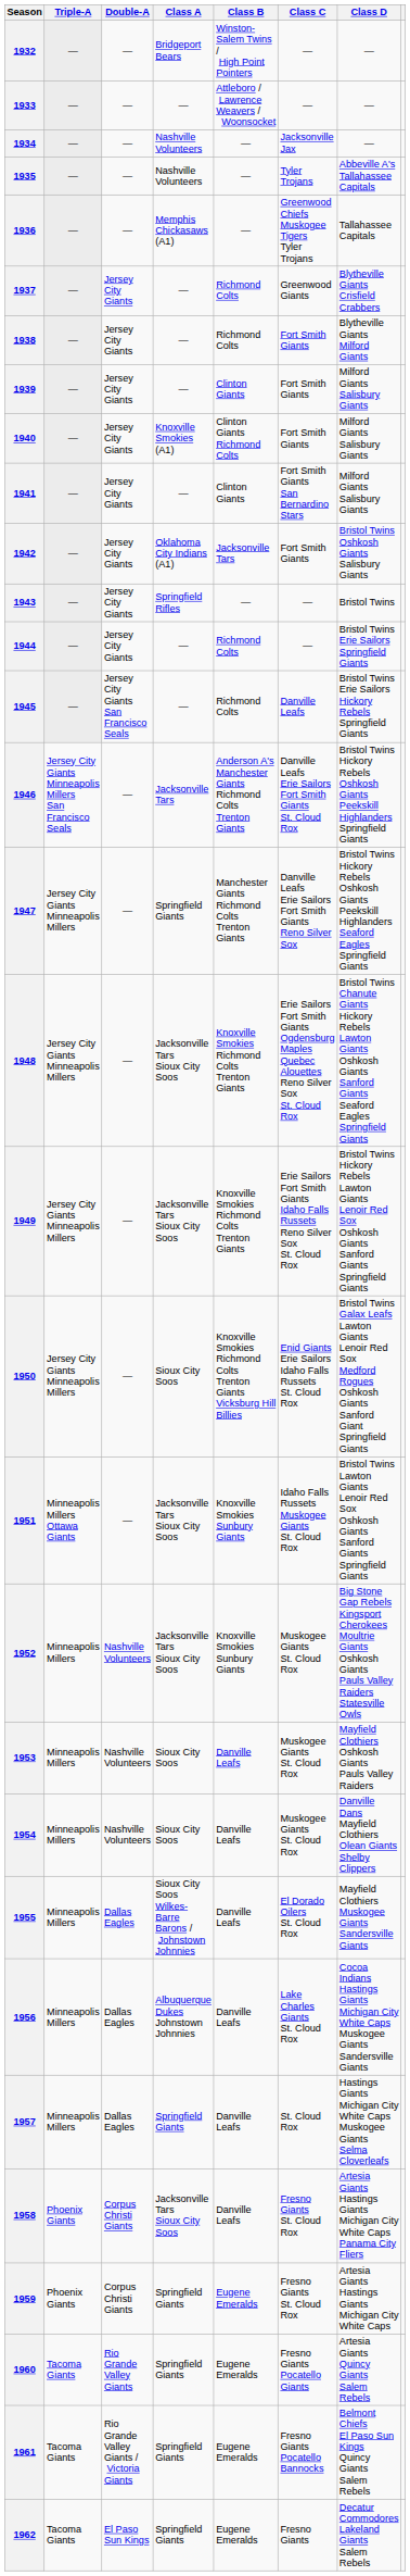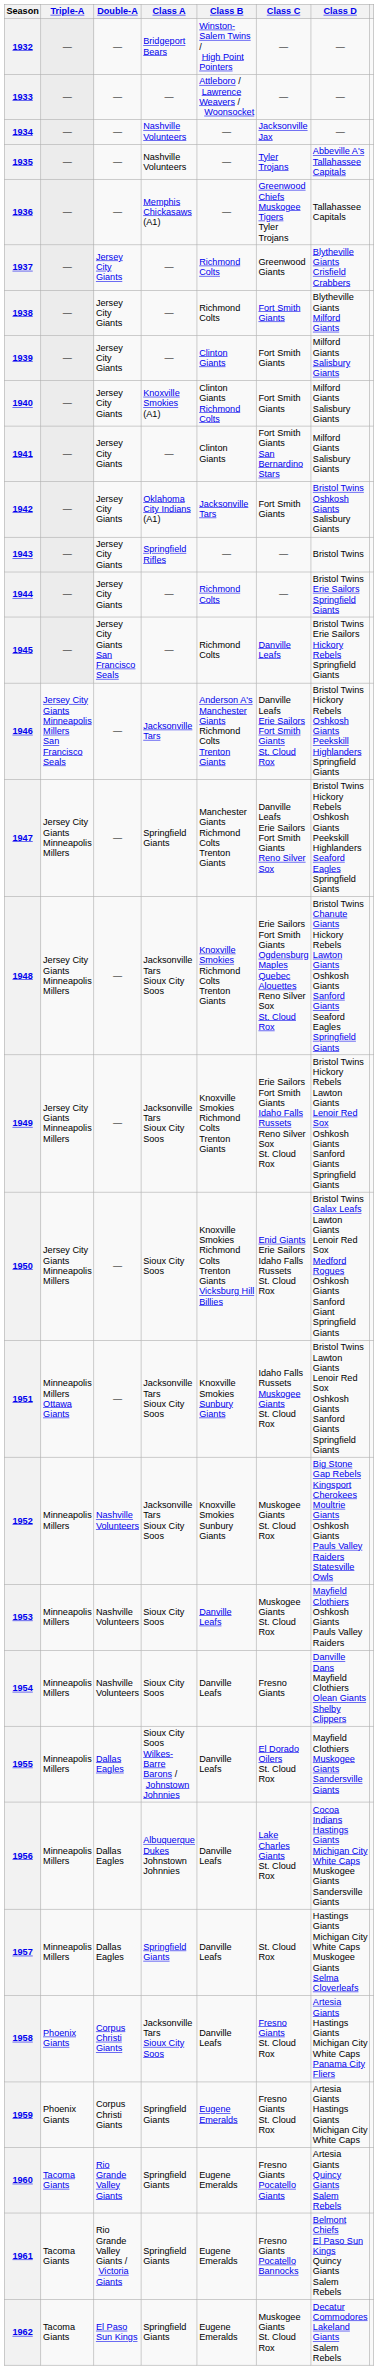 <table class="wikitable plainrowheaders">
 <tr>
 <th scope="col">Season</th>
 <th scope="col"><a href='#'><span>Triple-A</span></a></th>
 <th scope="col"><a href='#'><span>Double-A</span></a></th>
 <th scope="col"><a href='#'><span>Class A</span></a></th>
 <th scope="col"><a href='#'><span>Class B</span></a></th>
 <th scope="col"><a href='#'><span>Class C</span></a></th>
 <th scope="col"><a href='#'><span>Class D</span></a></th>
 <th scope="col"></th>
 </tr>
 <tr>
 <th scope="row" style="text-align:center"><a href='#'>1932</a></th>
 <td style="background:#ececec" align="center">—</td>
 <td align="center">—</td>
 <td><a href='#'>Bridgeport Bears</a></td>
 <td><a href='#'>Winston-Salem Twins</a> /<br> <a href='#'>High Point Pointers</a></td>
 <td align="center">—</td>
 <td align="center">—</td>
 <td align="center"></td>
 </tr>
 <tr>
 <th scope="row" style="text-align:center"><a href='#'>1933</a></th>
 <td style="background:#ececec" align="center">—</td>
 <td align="center">—</td>
 <td align="center">—</td>
 <td><a href='#'>Attleboro</a> /<br> <a href='#'>Lawrence Weavers</a> /<br>  <a href='#'>Woonsocket</a></td>
 <td align="center">—</td>
 <td align="center">—</td>
 <td align="center"></td>
 </tr>
 <tr>
 <th scope="row" style="text-align:center"><a href='#'>1934</a></th>
 <td style="background:#ececec" align="center">—</td>
 <td align="center">—</td>
 <td><a href='#'>Nashville Volunteers</a></td>
 <td align="center">—</td>
 <td><a href='#'>Jacksonville Jax</a></td>
 <td align="center">—</td>
 <td align="center"></td>
 </tr>
 <tr>
 <th scope="row" style="text-align:center"><a href='#'>1935</a></th>
 <td style="background:#ececec" align="center">—</td>
 <td align="center">—</td>
 <td>Nashville Volunteers</td>
 <td align="center">—</td>
 <td><a href='#'>Tyler Trojans</a></td>
 <td><a href='#'>Abbeville A's</a><br><a href='#'>Tallahassee Capitals</a></td>
 <td align="center"></td>
 </tr>
 <tr>
 <th scope="row" style="text-align:center"><a href='#'>1936</a></th>
 <td style="background:#ececec" align="center">—</td>
 <td align="center">—</td>
 <td><a href='#'>Memphis Chickasaws</a> (A1)</td>
 <td align="center">—</td>
 <td><a href='#'>Greenwood Chiefs</a><br><a href='#'>Muskogee Tigers</a><br>Tyler Trojans</td>
 <td>Tallahassee Capitals</td>
 <td align="center"></td>
 </tr>
 <tr>
 <th scope="row" style="text-align:center"><a href='#'>1937</a></th>
 <td style="background:#ececec" align="center">—</td>
 <td><a href='#'>Jersey City Giants</a></td>
 <td align="center">—</td>
 <td><a href='#'>Richmond Colts</a></td>
 <td>Greenwood Giants</td>
 <td><a href='#'>Blytheville Giants</a><br><a href='#'>Crisfield Crabbers</a></td>
 <td align="center"></td>
 </tr>
 <tr>
 <th scope="row" style="text-align:center"><a href='#'>1938</a></th>
 <td style="background:#ececec" align="center">—</td>
 <td>Jersey City Giants</td>
 <td align="center">—</td>
 <td>Richmond Colts</td>
 <td><a href='#'>Fort Smith Giants</a></td>
 <td>Blytheville Giants<br><a href='#'>Milford Giants</a></td>
 <td align="center"></td>
 </tr>
 <tr>
 <th scope="row" style="text-align:center"><a href='#'>1939</a></th>
 <td style="background:#ececec" align="center">—</td>
 <td>Jersey City Giants</td>
 <td align="center">—</td>
 <td><a href='#'>Clinton Giants</a></td>
 <td>Fort Smith Giants</td>
 <td>Milford Giants<br><a href='#'>Salisbury Giants</a></td>
 <td align="center"></td>
 </tr>
 <tr>
 <th scope="row" style="text-align:center"><a href='#'>1940</a></th>
 <td style="background:#ececec" align="center">—</td>
 <td>Jersey City Giants</td>
 <td><a href='#'>Knoxville Smokies</a> (A1)</td>
 <td>Clinton Giants<br><a href='#'>Richmond Colts</a></td>
 <td>Fort Smith Giants</td>
 <td>Milford Giants<br>Salisbury Giants</td>
 <td align="center"></td>
 </tr>
 <tr>
 <th scope="row" style="text-align:center"><a href='#'>1941</a></th>
 <td style="background:#ececec" align="center">—</td>
 <td>Jersey City Giants</td>
 <td align="center">—</td>
 <td>Clinton Giants</td>
 <td>Fort Smith Giants<br><a href='#'>San Bernardino Stars</a></td>
 <td>Milford Giants<br>Salisbury Giants</td>
 <td align="center"></td>
 </tr>
 <tr>
 <th scope="row" style="text-align:center"><a href='#'>1942</a></th>
 <td style="background:#ececec" align="center">—</td>
 <td>Jersey City Giants</td>
 <td><a href='#'>Oklahoma City Indians</a> (A1)</td>
 <td><a href='#'>Jacksonville Tars</a></td>
 <td>Fort Smith Giants</td>
 <td><a href='#'>Bristol Twins</a><br><a href='#'>Oshkosh Giants</a><br>Salisbury Giants</td>
 <td align="center"></td>
 </tr>
 <tr>
 <th scope="row" style="text-align:center"><a href='#'>1943</a></th>
 <td style="background:#ececec" align="center">—</td>
 <td>Jersey City Giants</td>
 <td><a href='#'>Springfield Rifles</a></td>
 <td align="center">—</td>
 <td align="center">—</td>
 <td>Bristol Twins</td>
 <td align="center"></td>
 </tr>
 <tr>
 <th scope="row" style="text-align:center"><a href='#'>1944</a></th>
 <td style="background:#ececec" align="center">—</td>
 <td>Jersey City Giants</td>
 <td align="center">—</td>
 <td><a href='#'>Richmond Colts</a></td>
 <td align="center">—</td>
 <td>Bristol Twins<br><a href='#'>Erie Sailors</a><br><a href='#'>Springfield Giants</a></td>
 <td align="center"></td>
 </tr>
 <tr>
 <th scope="row" style="text-align:center"><a href='#'>1945</a></th>
 <td style="background:#ececec" align="center">—</td>
 <td>Jersey City Giants<br><a href='#'>San Francisco Seals</a></td>
 <td align="center">—</td>
 <td>Richmond Colts</td>
 <td><a href='#'>Danville Leafs</a></td>
 <td>Bristol Twins<br>Erie Sailors<br><a href='#'>Hickory Rebels</a><br>Springfield Giants</td>
 <td align="center"></td>
 </tr>
 <tr>
 <th scope="row" style="text-align:center"><a href='#'>1946</a></th>
 <td><a href='#'>Jersey City Giants</a><br><a href='#'>Minneapolis Millers</a><br><a href='#'>San Francisco Seals</a></td>
 <td align="center">—</td>
 <td><a href='#'>Jacksonville Tars</a></td>
 <td><a href='#'>Anderson A's</a><br><a href='#'>Manchester Giants</a><br>Richmond Colts<br><a href='#'>Trenton Giants</a></td>
 <td>Danville Leafs<br><a href='#'>Erie Sailors</a><br><a href='#'>Fort Smith Giants</a><br><a href='#'>St. Cloud Rox</a></td>
 <td>Bristol Twins<br>Hickory Rebels<br><a href='#'>Oshkosh Giants</a><br><a href='#'>Peekskill Highlanders</a><br>Springfield Giants</td>
 <td align="center"></td>
 </tr>
 <tr>
 <th scope="row" style="text-align:center"><a href='#'>1947</a></th>
 <td>Jersey City Giants<br>Minneapolis Millers</td>
 <td align="center">—</td>
 <td>Springfield Giants</td>
 <td>Manchester Giants<br>Richmond Colts<br>Trenton Giants</td>
 <td>Danville Leafs<br>Erie Sailors<br>Fort Smith Giants<br><a href='#'>Reno Silver Sox</a></td>
 <td>Bristol Twins<br>Hickory Rebels<br>Oshkosh Giants<br>Peekskill Highlanders<br><a href='#'>Seaford Eagles</a><br>Springfield Giants</td>
 <td align="center"></td>
 </tr>
 <tr>
 <th scope="row" style="text-align:center"><a href='#'>1948</a></th>
 <td>Jersey City Giants<br>Minneapolis Millers</td>
 <td align="center">—</td>
 <td>Jacksonville Tars<br>Sioux City Soos</td>
 <td><a href='#'>Knoxville Smokies</a><br>Richmond Colts<br>Trenton Giants</td>
 <td>Erie Sailors<br>Fort Smith Giants<br><a href='#'>Ogdensburg Maples</a><br><a href='#'>Quebec Alouettes</a><br>Reno Silver Sox<br><a href='#'>St. Cloud Rox</a></td>
 <td>Bristol Twins<br><a href='#'>Chanute Giants</a><br>Hickory Rebels<br><a href='#'>Lawton Giants</a><br>Oshkosh Giants<br><a href='#'>Sanford Giants</a><br>Seaford Eagles<br><a href='#'>Springfield Giants</a></td>
 <td align="center"></td>
 </tr>
 <tr>
 <th scope="row" style="text-align:center"><a href='#'>1949</a></th>
 <td>Jersey City Giants<br>Minneapolis Millers</td>
 <td align="center">—</td>
 <td>Jacksonville Tars<br>Sioux City Soos</td>
 <td>Knoxville Smokies<br>Richmond Colts<br>Trenton Giants</td>
 <td>Erie Sailors<br>Fort Smith Giants<br><a href='#'>Idaho Falls Russets</a><br>Reno Silver Sox<br>St. Cloud Rox</td>
 <td>Bristol Twins<br>Hickory Rebels<br>Lawton Giants<br><a href='#'>Lenoir Red Sox</a><br>Oshkosh Giants<br>Sanford Giants<br>Springfield Giants</td>
 <td align="center"></td>
 </tr>
 <tr>
 <th scope="row" style="text-align:center"><a href='#'>1950</a></th>
 <td>Jersey City Giants<br>Minneapolis Millers</td>
 <td align="center">—</td>
 <td>Sioux City Soos</td>
 <td>Knoxville Smokies<br>Richmond Colts<br>Trenton Giants<br><a href='#'>Vicksburg Hill Billies</a></td>
 <td><a href='#'>Enid Giants</a><br>Erie Sailors<br>Idaho Falls Russets<br>St. Cloud Rox</td>
 <td>Bristol Twins<br><a href='#'>Galax Leafs</a><br>Lawton Giants<br>Lenoir Red Sox<br><a href='#'>Medford Rogues</a><br>Oshkosh Giants<br>Sanford Giant<br>Springfield Giants</td>
 <td align="center"></td>
 </tr>
 <tr>
 <th scope="row" style="text-align:center"><a href='#'>1951</a></th>
 <td>Minneapolis Millers<br><a href='#'>Ottawa Giants</a></td>
 <td align="center">—</td>
 <td>Jacksonville Tars<br>Sioux City Soos</td>
 <td>Knoxville Smokies<br><a href='#'>Sunbury Giants</a></td>
 <td>Idaho Falls Russets<br><a href='#'>Muskogee Giants</a><br>St. Cloud Rox</td>
 <td>Bristol Twins<br>Lawton Giants<br>Lenoir Red Sox<br>Oshkosh Giants<br>Sanford Giants<br>Springfield Giants</td>
 <td align="center"></td>
 </tr>
 <tr>
 <th scope="row" style="text-align:center"><a href='#'>1952</a></th>
 <td>Minneapolis Millers</td>
 <td><a href='#'>Nashville Volunteers</a></td>
 <td>Jacksonville Tars<br>Sioux City Soos</td>
 <td>Knoxville Smokies<br>Sunbury Giants</td>
 <td>Muskogee Giants<br>St. Cloud Rox</td>
 <td><a href='#'>Big Stone Gap Rebels</a><br><a href='#'>Kingsport Cherokees</a><br><a href='#'>Moultrie Giants</a><br>Oshkosh Giants<br><a href='#'>Pauls Valley Raiders</a><br><a href='#'>Statesville Owls</a></td>
 <td align="center"></td>
 </tr>
 <tr>
 <th scope="row" style="text-align:center"><a href='#'>1953</a></th>
 <td>Minneapolis Millers</td>
 <td>Nashville Volunteers</td>
 <td>Sioux City Soos</td>
 <td><a href='#'>Danville Leafs</a></td>
 <td>Muskogee Giants<br>St. Cloud Rox</td>
 <td><a href='#'>Mayfield Clothiers</a><br>Oshkosh Giants<br>Pauls Valley Raiders</td>
 <td align="center"></td>
 </tr>
 <tr>
 <th scope="row" style="text-align:center"><a href='#'>1954</a></th>
 <td>Minneapolis Millers</td>
 <td>Nashville Volunteers</td>
 <td>Sioux City Soos</td>
 <td>Danville Leafs</td>
-<td>Muskogee Giants<br>St. Cloud Rox</td>
+<td>Fresno Giants</td>
 <td><a href='#'>Danville Dans</a><br>Mayfield Clothiers<br><a href='#'>Olean Giants</a><br><a href='#'>Shelby Clippers</a></td>
 <td align="center"></td>
 </tr>
 <tr>
 <th scope="row" style="text-align:center"><a href='#'>1955</a></th>
 <td>Minneapolis Millers</td>
 <td><a href='#'>Dallas Eagles</a></td>
 <td>Sioux City Soos<br><a href='#'>Wilkes-Barre Barons</a> /<br> <a href='#'>Johnstown Johnnies</a></td>
 <td>Danville Leafs</td>
 <td><a href='#'>El Dorado Oilers</a><br>St. Cloud Rox</td>
 <td>Mayfield Clothiers<br><a href='#'>Muskogee Giants</a><br><a href='#'>Sandersville Giants</a></td>
 <td align="center"></td>
 </tr>
 <tr>
 <th scope="row" style="text-align:center"><a href='#'>1956</a></th>
 <td>Minneapolis Millers</td>
 <td>Dallas Eagles</td>
 <td><a href='#'>Albuquerque Dukes</a><br>Johnstown Johnnies</td>
 <td>Danville Leafs</td>
 <td><a href='#'>Lake Charles Giants</a><br>St. Cloud Rox</td>
 <td><a href='#'>Cocoa Indians</a><br><a href='#'>Hastings Giants</a><br><a href='#'>Michigan City White Caps</a><br>Muskogee Giants<br>Sandersville Giants</td>
 <td align="center"></td>
 </tr>
 <tr>
 <th scope="row" style="text-align:center"><a href='#'>1957</a></th>
 <td>Minneapolis Millers</td>
 <td>Dallas Eagles</td>
 <td><a href='#'>Springfield Giants</a></td>
 <td>Danville Leafs</td>
 <td>St. Cloud Rox</td>
 <td>Hastings Giants<br>Michigan City White Caps<br>Muskogee Giants<br><a href='#'>Selma Cloverleafs</a></td>
 <td align="center"></td>
 </tr>
 <tr>
 <th scope="row" style="text-align:center"><a href='#'>1958</a></th>
 <td><a href='#'>Phoenix Giants</a></td>
 <td><a href='#'>Corpus Christi Giants</a></td>
 <td>Jacksonville Tars<br><a href='#'>Sioux City Soos</a></td>
 <td>Danville Leafs</td>
 <td><a href='#'>Fresno Giants</a><br>St. Cloud Rox</td>
 <td><a href='#'>Artesia Giants</a><br>Hastings Giants<br>Michigan City White Caps<br><a href='#'>Panama City Fliers</a></td>
 <td align="center"></td>
 </tr>
 <tr>
 <th scope="row" style="text-align:center"><a href='#'>1959</a></th>
 <td>Phoenix Giants</td>
 <td>Corpus Christi Giants</td>
 <td>Springfield Giants</td>
 <td><a href='#'>Eugene Emeralds</a></td>
 <td>Fresno Giants<br>St. Cloud Rox</td>
 <td>Artesia Giants<br>Hastings Giants<br>Michigan City White Caps</td>
 <td align="center"></td>
 </tr>
 <tr>
 <th scope="row" style="text-align:center"><a href='#'>1960</a></th>
 <td><a href='#'>Tacoma Giants</a></td>
 <td><a href='#'>Rio Grande Valley Giants</a></td>
 <td>Springfield Giants</td>
 <td>Eugene Emeralds</td>
 <td>Fresno Giants<br><a href='#'>Pocatello Giants</a></td>
 <td>Artesia Giants<br><a href='#'>Quincy Giants</a><br><a href='#'>Salem Rebels</a></td>
 <td align="center"></td>
 </tr>
 <tr>
 <th scope="row" style="text-align:center"><a href='#'>1961</a></th>
 <td>Tacoma Giants</td>
 <td>Rio Grande Valley Giants /<br> <a href='#'>Victoria Giants</a></td>
 <td>Springfield Giants</td>
 <td>Eugene Emeralds</td>
 <td>Fresno Giants<br><a href='#'>Pocatello Bannocks</a></td>
 <td><a href='#'>Belmont Chiefs</a><br><a href='#'>El Paso Sun Kings</a><br>Quincy Giants<br>Salem Rebels</td>
 <td align="center"></td>
 </tr>
 <tr>
 <th scope="row" style="text-align:center"><a href='#'>1962</a></th>
 <td>Tacoma Giants</td>
 <td><a href='#'>El Paso Sun Kings</a></td>
 <td>Springfield Giants</td>
 <td>Eugene Emeralds</td>
-<td>Fresno Giants</td>
+<td>Muskogee Giants<br>St. Cloud Rox</td>
 <td><a href='#'>Decatur Commodores</a><br><a href='#'>Lakeland Giants</a><br>Salem Rebels</td>
 <td align="center"></td>
 </tr>
 </table>
